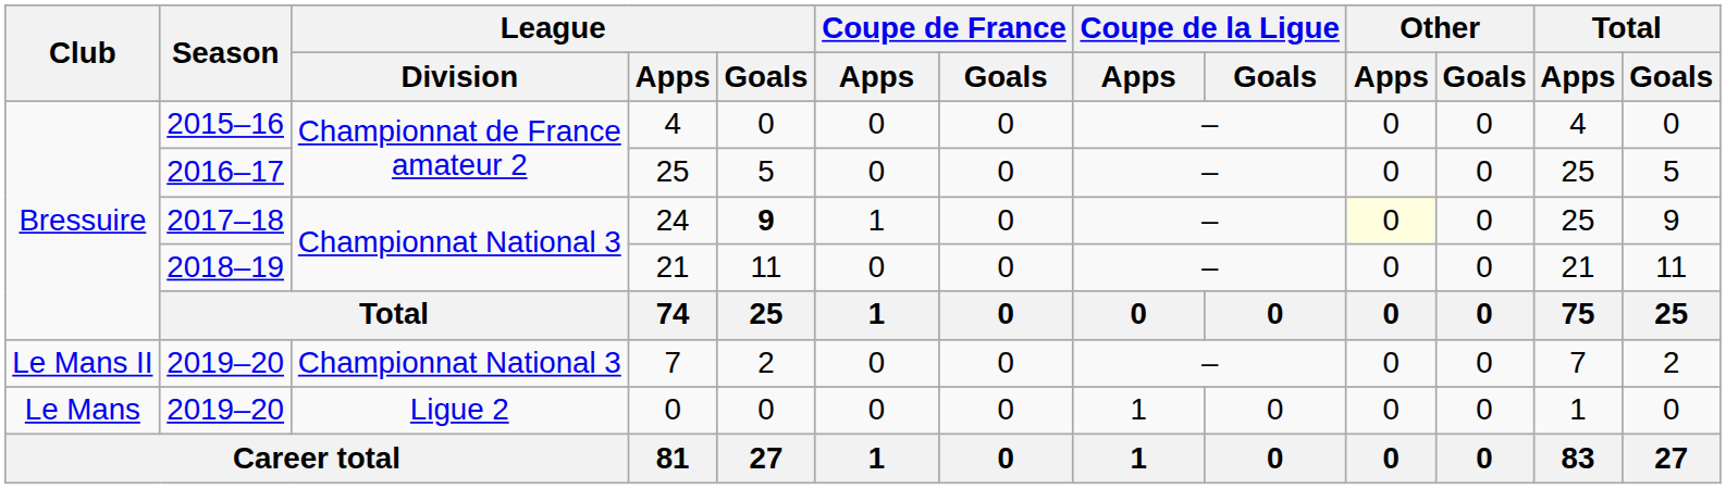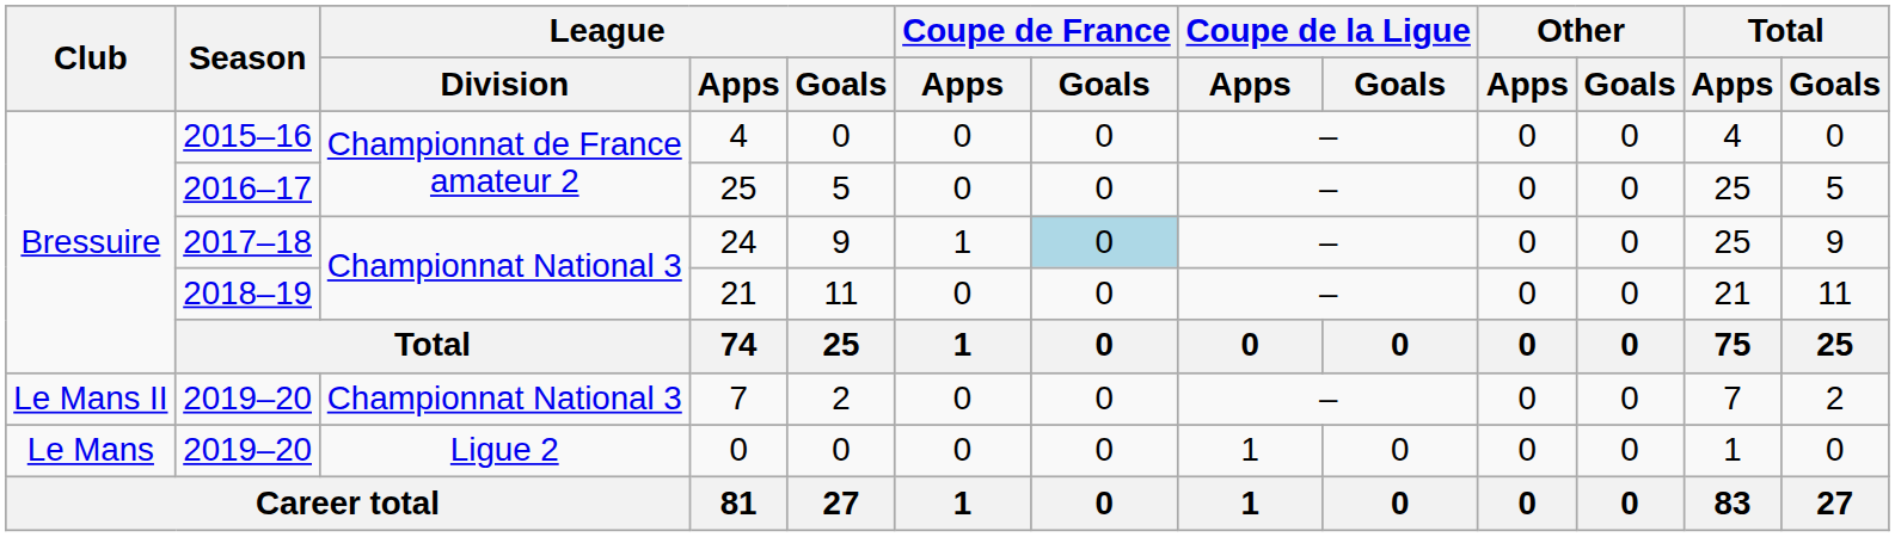 <table class="wikitable" style="text-align: center">
 <tr>
 <th rowspan="2">Club</th>
 <th rowspan="2">Season</th>
 <th colspan="3">League</th>
 <th colspan="2"><a href='#'>Coupe de France</a></th>
 <th colspan="2"><a href='#'>Coupe de la Ligue</a></th>
 <th colspan="2">Other</th>
 <th colspan="2">Total</th>
 </tr>
 <tr>
 <th>Division</th>
 <th>Apps</th>
 <th>Goals</th>
 <th>Apps</th>
 <th>Goals</th>
 <th>Apps</th>
 <th>Goals</th>
 <th>Apps</th>
 <th>Goals</th>
 <th>Apps</th>
 <th>Goals</th>
 </tr>
 <tr>
 <td rowspan="5"><a href='#'>Bressuire</a></td>
 <td><a href='#'>2015–16</a></td>
 <td rowspan="2"><a href='#'>Championnat de France <br> amateur 2</a></td>
 <td>4</td>
 <td>0</td>
 <td>0</td>
 <td>0</td>
 <td colspan="2">–</td>
 <td>0</td>
 <td>0</td>
 <td>4</td>
 <td>0</td>
 </tr>
 <tr>
 <td><a href='#'>2016–17</a></td>
 <td>25</td>
 <td>5</td>
 <td>0</td>
 <td>0</td>
 <td colspan="2">–</td>
 <td>0</td>
 <td>0</td>
 <td>25</td>
 <td>5</td>
 </tr>
 <tr>
 <td><a href='#'>2017–18</a></td>
 <td rowspan="2"><a href='#'>Championnat National 3</a></td>
 <td>24</td>
-<td><strong>9</strong></td>
+<td>9</td>
 <td>1</td>
+<td style="background: lightblue;">0</td>
+<td colspan="2">–</td>
 <td>0</td>
-<td colspan="2">–</td>
-<td style="background: lightyellow;">0</td>
 <td>0</td>
 <td>25</td>
 <td>9</td>
 </tr>
 <tr>
 <td><a href='#'>2018–19</a></td>
 <td>21</td>
 <td>11</td>
 <td>0</td>
 <td>0</td>
 <td colspan="2">–</td>
 <td>0</td>
 <td>0</td>
 <td>21</td>
 <td>11</td>
 </tr>
 <tr>
 <th colspan="2">Total</th>
 <th>74</th>
 <th>25</th>
 <th>1</th>
 <th>0</th>
 <th>0</th>
 <th>0</th>
 <th>0</th>
 <th>0</th>
 <th>75</th>
 <th>25</th>
 </tr>
 <tr>
 <td><a href='#'>Le Mans II</a></td>
 <td><a href='#'>2019–20</a></td>
 <td><a href='#'>Championnat National 3</a></td>
 <td>7</td>
 <td>2</td>
 <td>0</td>
 <td>0</td>
 <td colspan="2">–</td>
 <td>0</td>
 <td>0</td>
 <td>7</td>
 <td>2</td>
 </tr>
 <tr>
 <td><a href='#'>Le Mans</a></td>
 <td><a href='#'>2019–20</a></td>
 <td><a href='#'>Ligue 2</a></td>
 <td>0</td>
 <td>0</td>
 <td>0</td>
 <td>0</td>
 <td>1</td>
 <td>0</td>
 <td>0</td>
 <td>0</td>
 <td>1</td>
 <td>0</td>
 </tr>
 <tr>
 <th colspan="3">Career total</th>
 <th>81</th>
 <th>27</th>
 <th>1</th>
 <th>0</th>
 <th>1</th>
 <th>0</th>
 <th>0</th>
 <th>0</th>
 <th>83</th>
 <th>27</th>
 </tr>
 </table>
